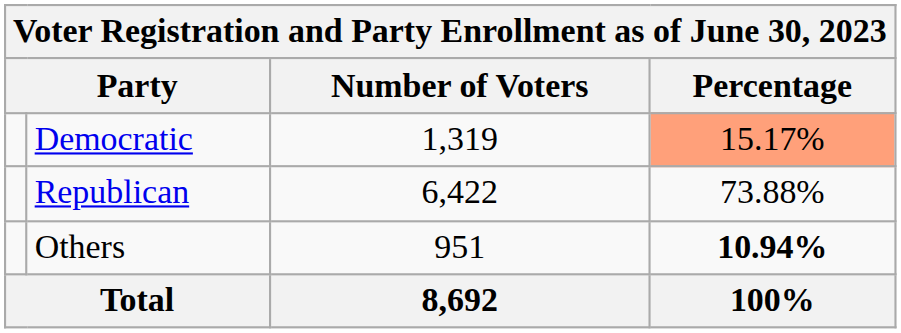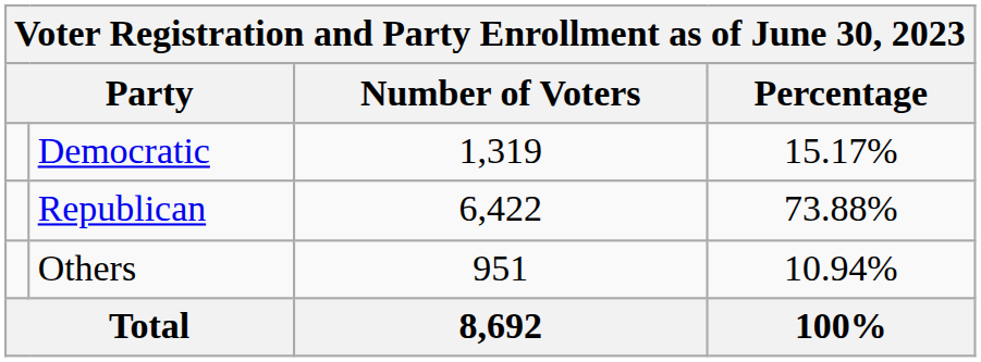 <table class=wikitable>
 <tr>
 <th colspan = 6>Voter Registration and Party Enrollment as of June 30, 2023</th>
 </tr>
 <tr>
 <th colspan = 2>Party</th>
 <th>Number of Voters</th>
 <th>Percentage</th>
 </tr>
 <tr>
 <td></td>
 <td><a href='#'>Democratic</a></td>
 <td align = center>1,319</td>
-<td align = center style="background: lightsalmon;">15.17%</td>
+<td align = center>15.17%</td>
 </tr>
 <tr>
 <td></td>
 <td><a href='#'>Republican</a></td>
 <td align = center>6,422</td>
 <td align = center>73.88%</td>
 </tr>
 <tr>
 <td></td>
 <td>Others</td>
 <td align = center>951</td>
-<td align = center><strong>10.94%</strong></td>
+<td align = center>10.94%</td>
 </tr>
 <tr>
 <th colspan = 2>Total</th>
 <th align = center>8,692</th>
 <th align = center>100%</th>
 </tr>
 </table>
